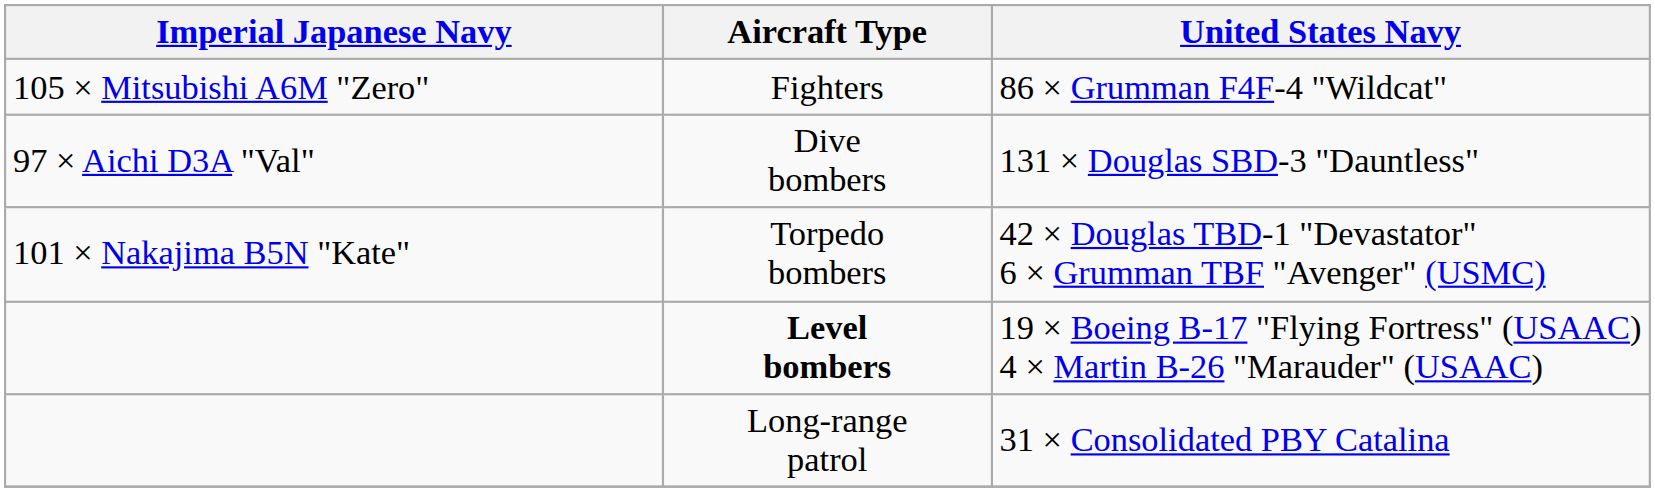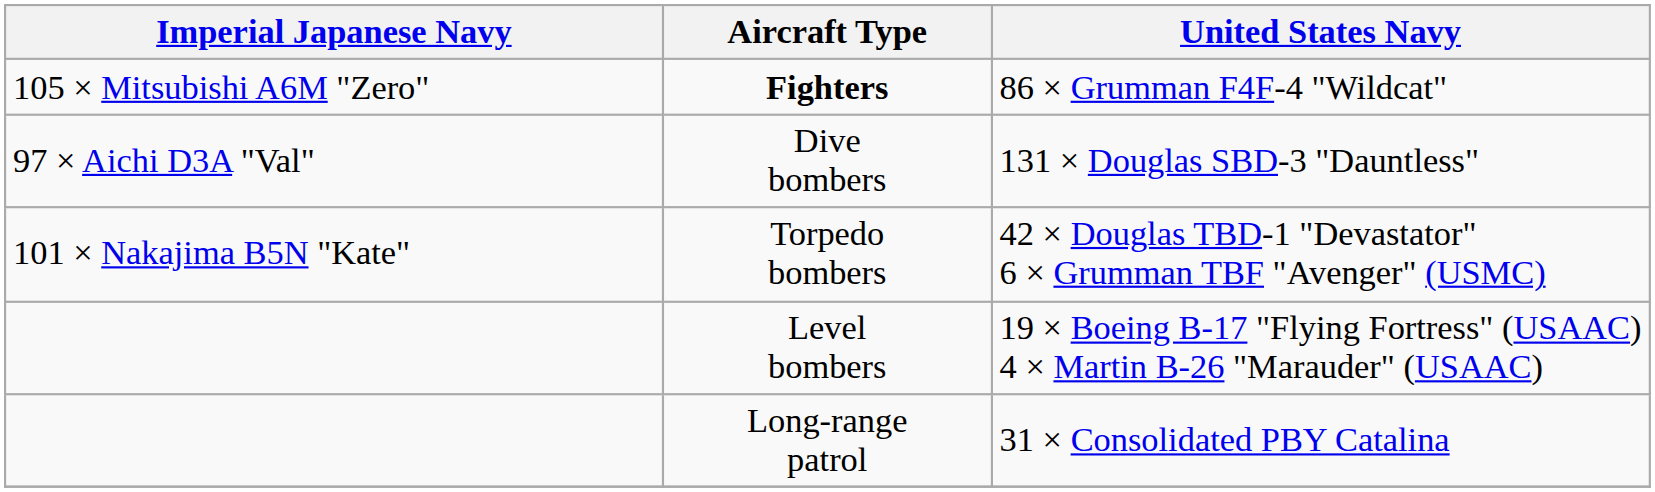 <table class="wikitable">
 <tr>
 <th scope="col" colspan = 2 width=40%><a href='#'>Imperial Japanese Navy</a></th>
 <th style="text-align:center">Aircraft Type</th>
 <th scope="col" colspan = 2 width=40%><a href='#'>United States Navy</a></th>
 </tr>
 <tr>
 <td scope="col" colspan = 2>105 × <a href='#'>Mitsubishi A6M</a> "Zero"</td>
-<td style="text-align:center">Fighters</td>
+<td style="text-align:center"><strong>Fighters</strong></td>
 <td scope="col" colspan = 2>86 × <a href='#'>Grumman F4F</a>-4 "Wildcat"</td>
 </tr>
 <tr>
 <td scope="col" colspan = 2>97 × <a href='#'>Aichi D3A</a> "Val"</td>
 <td style="text-align:center">Dive<br>bombers</td>
 <td scope="col" colspan = 2>131 × <a href='#'>Douglas SBD</a>-3 "Dauntless"</td>
 </tr>
 <tr>
 <td scope="col" colspan = 2>101 × <a href='#'>Nakajima B5N</a> "Kate"</td>
 <td style="text-align:center">Torpedo<br>bombers</td>
 <td scope="col" colspan = 2>42 × <a href='#'>Douglas TBD</a>-1 "Devastator" <br> 6 × <a href='#'>Grumman TBF</a> "Avenger" <a href='#'>(USMC)</a></td>
 </tr>
 <tr>
 <td scope="col" colspan = 2></td>
-<td style="text-align:center"><strong>Level<br>bombers</strong></td>
+<td style="text-align:center">Level<br>bombers</td>
 <td scope="col" colspan = 2>19 × <a href='#'>Boeing B-17</a> "Flying Fortress" (<a href='#'>USAAC</a>) <br> 4 × <a href='#'>Martin B-26</a> "Marauder" (<a href='#'>USAAC</a>)</td>
 </tr>
 <tr>
 <td scope="col" colspan = 2></td>
 <td style="text-align:center">Long-range<br>patrol</td>
 <td scope="col" colspan = 2>31 × <a href='#'>Consolidated PBY Catalina</a></td>
 </tr>
 <tr>
 </tr>
 </table>
